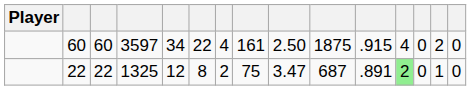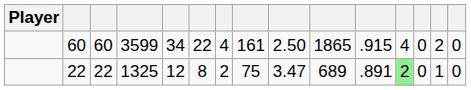 <table class="wikitable sortable" style="text-align:center;">
 <tr>
 <th>Player</th>
 <th></th>
 <th></th>
 <th></th>
 <th></th>
 <th></th>
 <th></th>
 <th></th>
 <th></th>
 <th></th>
 <th></th>
 <th></th>
 <th></th>
 <th></th>
 <th></th>
 </tr>
 <tr>
 <td></td>
 <td>60</td>
 <td>60</td>
-<td>3597</td>
+<td>3599</td>
 <td>34</td>
 <td>22</td>
 <td>4</td>
 <td>161</td>
 <td>2.50</td>
-<td>1875</td>
+<td>1865</td>
 <td>.915</td>
 <td>4</td>
 <td>0</td>
 <td>2</td>
 <td>0</td>
 </tr>
 <tr>
 <td></td>
 <td>22</td>
 <td>22</td>
 <td>1325</td>
 <td>12</td>
 <td>8</td>
 <td>2</td>
 <td>75</td>
 <td>3.47</td>
-<td>687</td>
+<td>689</td>
 <td>.891</td>
 <td style="background: lightgreen;">2</td>
 <td>0</td>
 <td>1</td>
 <td>0</td>
 </tr>
 </table>
